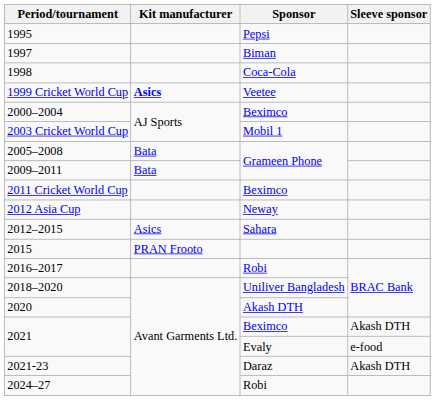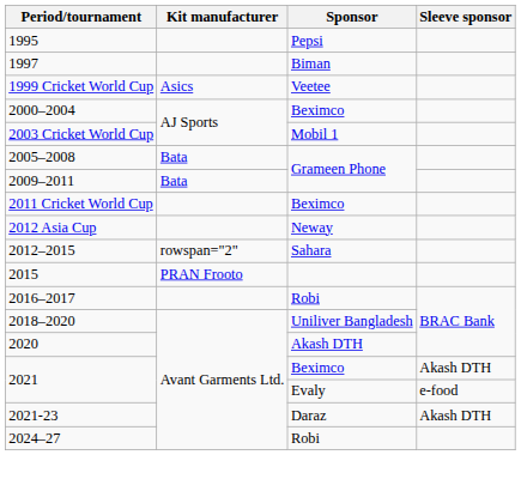 <table class="wikitable">
 <tr>
 <th>Period/tournament</th>
 <th>Kit manufacturer</th>
 <th>Sponsor</th>
 <th>Sleeve sponsor</th>
 </tr>
 <tr>
 <td>1995</td>
 <td></td>
 <td><a href='#'>Pepsi</a></td>
 <td></td>
 </tr>
 <tr>
 <td>1997</td>
 <td></td>
 <td><a href='#'>Biman</a></td>
 <td></td>
 </tr>
 <tr>
-<td>1998</td>
-<td></td>
-<td><a href='#'>Coca-Cola</a></td>
-<td></td>
-</tr>
-<tr>
 <td><a href='#'>1999 Cricket World Cup</a></td>
-<td><strong><a href='#'>Asics</a></strong></td>
+<td><a href='#'>Asics</a></td>
 <td><a href='#'>Veetee</a></td>
 <td></td>
 </tr>
 <tr>
 <td>2000–2004</td>
 <td rowspan=2>AJ Sports</td>
 <td><a href='#'>Beximco</a></td>
 <td></td>
 </tr>
 <tr>
 <td><a href='#'>2003 Cricket World Cup</a></td>
 <td><a href='#'>Mobil 1</a></td>
 <td></td>
 </tr>
 <tr>
 <td>2005–2008</td>
 <td><a href='#'>Bata</a></td>
 <td rowspan=2><a href='#'>Grameen Phone</a></td>
 <td></td>
 </tr>
 <tr>
 <td>2009–2011</td>
 <td><a href='#'>Bata</a></td>
 <td></td>
 </tr>
 <tr>
 <td><a href='#'>2011 Cricket World Cup</a></td>
 <td></td>
 <td><a href='#'>Beximco</a></td>
 <td></td>
 </tr>
 <tr>
 <td><a href='#'>2012 Asia Cup</a></td>
 <td></td>
 <td><a href='#'>Neway</a></td>
 <td></td>
 </tr>
 <tr>
 <td>2012–2015</td>
-<td><a href='#'>Asics</a></td>
+<td>rowspan="2" </td>
 <td><a href='#'>Sahara</a></td>
 <td></td>
 </tr>
 <tr>
 <td>2015</td>
 <td><a href='#'>PRAN Frooto</a></td>
 <td></td>
 </tr>
 <tr>
 <td>2016–2017</td>
 <td></td>
 <td><a href='#'>Robi</a></td>
 <td rowspan="3"><a href='#'>BRAC Bank</a></td>
 </tr>
 <tr>
 <td>2018–2020</td>
 <td rowspan="6">Avant Garments Ltd.</td>
 <td><a href='#'>Uniliver Bangladesh</a></td>
 </tr>
 <tr>
 <td>2020</td>
 <td><a href='#'>Akash DTH</a></td>
 </tr>
 <tr>
 <td rowspan="2">2021</td>
 <td><a href='#'>Beximco</a></td>
 <td>Akash DTH</td>
 </tr>
 <tr>
 <td>Evaly</td>
 <td>e-food</td>
 </tr>
 <tr>
 <td>2021-23</td>
 <td>Daraz</td>
 <td>Akash DTH</td>
 </tr>
 <tr>
 <td>2024–27</td>
 <td>Robi</td>
 <td></td>
 </tr>
 </table>
